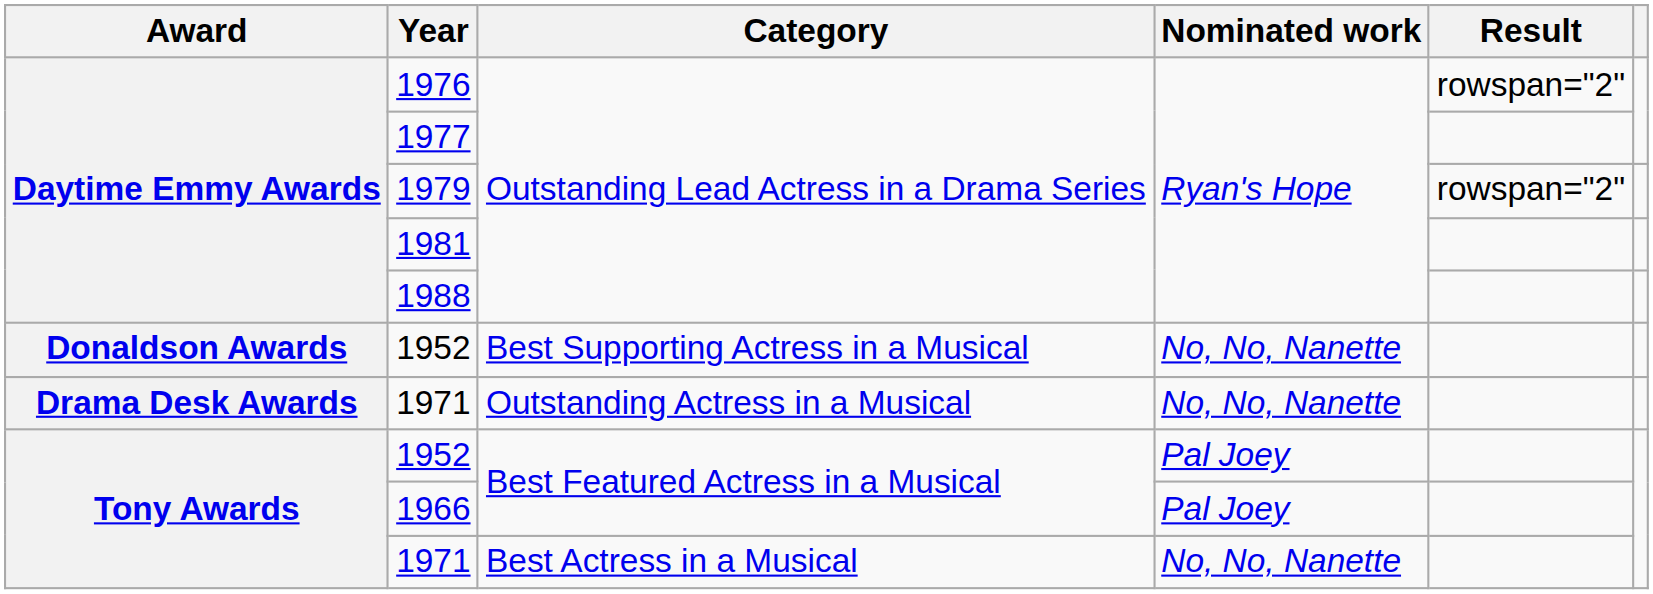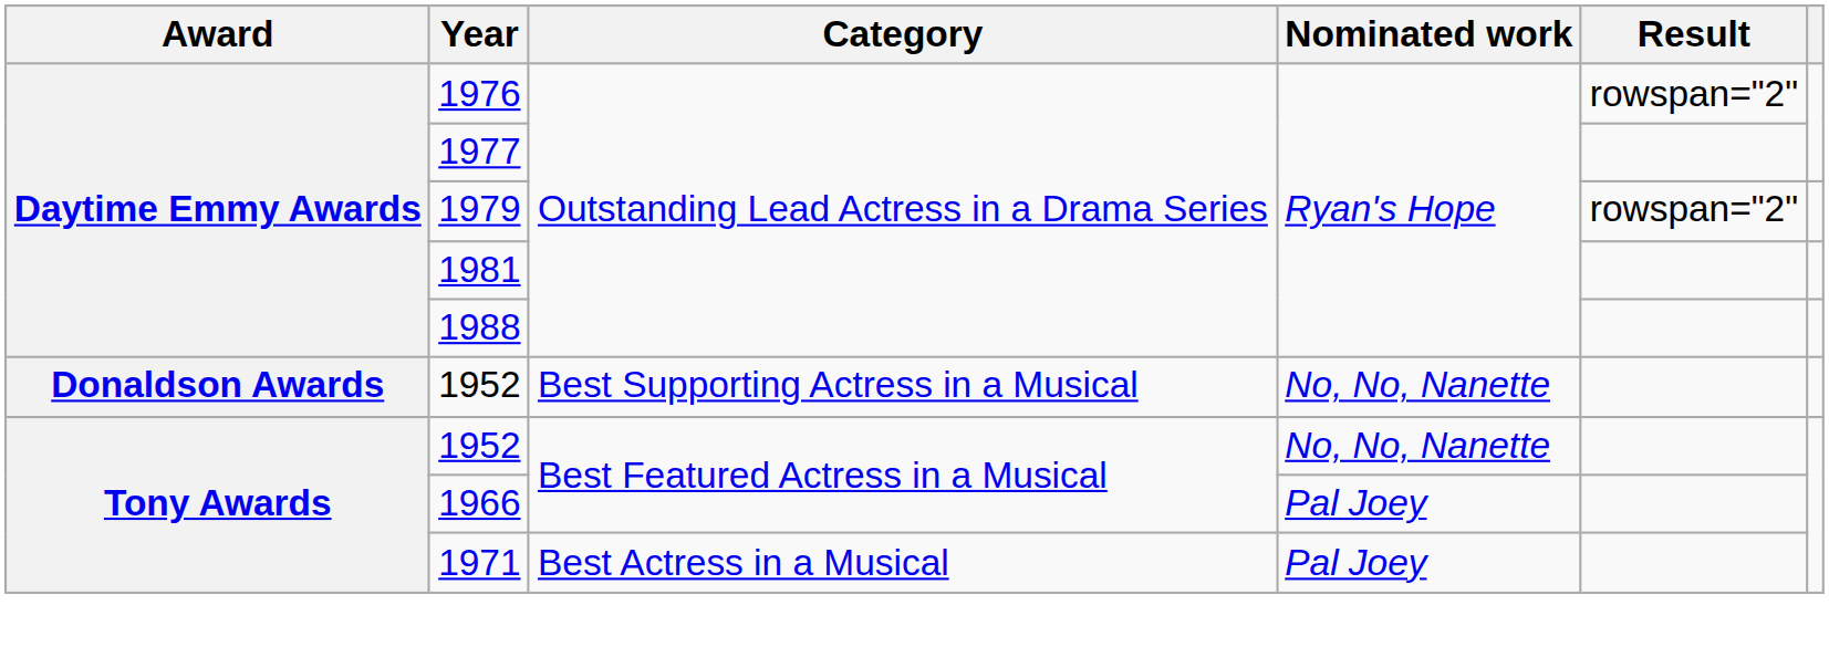 <table class="wikitable sortable plainrowheaders">
 <tr>
 <th scope="col">Award</th>
 <th scope="col">Year</th>
 <th scope="col">Category</th>
 <th scope="col">Nominated work</th>
 <th scope="col">Result</th>
 <th scope="col" class="unsortable"></th>
 </tr>
 <tr>
 <th scope="row" rowspan="5"><a href='#'>Daytime Emmy Awards</a></th>
 <td style="text-align:center;"><a href='#'>1976</a></td>
 <td rowspan="5"><a href='#'>Outstanding Lead Actress in a Drama Series</a></td>
 <td rowspan="5"><em><a href='#'>Ryan's Hope</a></em></td>
 <td>rowspan="2" </td>
 <td style="text-align:center;" rowspan="2"></td>
 </tr>
 <tr>
 <td style="text-align:center;"><a href='#'>1977</a></td>
 </tr>
 <tr>
 <td style="text-align:center;"><a href='#'>1979</a></td>
 <td>rowspan="2" </td>
 <td style="text-align:center;"></td>
 </tr>
 <tr>
 <td style="text-align:center;"><a href='#'>1981</a></td>
 <td style="text-align:center;"></td>
 </tr>
 <tr>
 <td style="text-align:center;"><a href='#'>1988</a></td>
 <td></td>
 <td style="text-align:center;"></td>
 </tr>
 <tr>
 <th scope="row"><a href='#'>Donaldson Awards</a></th>
 <td style="text-align:center;">1952</td>
 <td><a href='#'>Best Supporting Actress in a Musical</a></td>
 <td><em><a href='#'>No, No, Nanette</a></em></td>
 <td></td>
 <td style="text-align:center;"></td>
 </tr>
 <tr>
-<th scope="row"><a href='#'>Drama Desk Awards</a></th>
-<td style="text-align:center;">1971</td>
-<td><a href='#'>Outstanding Actress in a Musical</a></td>
-<td><em><a href='#'>No, No, Nanette</a></em></td>
-<td></td>
-<td style="text-align:center;"></td>
-</tr>
-<tr>
 <th scope="row" rowspan="3"><a href='#'>Tony Awards</a></th>
 <td style="text-align:center;"><a href='#'>1952</a></td>
 <td rowspan="2"><a href='#'>Best Featured Actress in a Musical</a></td>
-<td><em><a href='#'>Pal Joey</a></em></td>
+<td><em><a href='#'>No, No, Nanette</a></em></td>
 <td></td>
 <td style="text-align:center;" rowspan="3"></td>
 </tr>
 <tr>
 <td style="text-align:center;"><a href='#'>1966</a></td>
 <td><em><a href='#'>Pal Joey</a></em></td>
 <td></td>
 </tr>
 <tr>
 <td style="text-align:center;"><a href='#'>1971</a></td>
 <td><a href='#'>Best Actress in a Musical</a></td>
-<td><em><a href='#'>No, No, Nanette</a></em></td>
+<td><em><a href='#'>Pal Joey</a></em></td>
 <td></td>
 </tr>
 </table>
